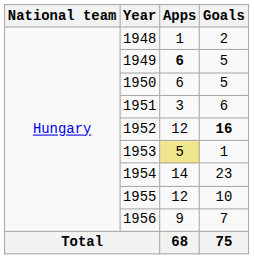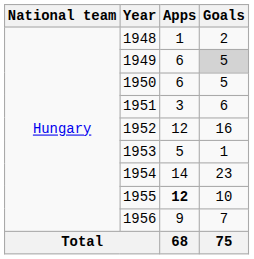 <table class="wikitable" style="text-align:center">
 <tr>
 <th>National team</th>
 <th>Year</th>
 <th>Apps</th>
 <th>Goals</th>
 </tr>
 <tr>
 <td rowspan="9"><a href='#'>Hungary</a></td>
 <td>1948</td>
 <td>1</td>
 <td>2</td>
 </tr>
 <tr>
 <td>1949</td>
-<td><strong>6</strong></td>
-<td>5</td>
+<td>6</td>
+<td style="background: lightgrey;">5</td>
 </tr>
 <tr>
 <td>1950</td>
 <td>6</td>
 <td>5</td>
 </tr>
 <tr>
 <td>1951</td>
 <td>3</td>
 <td>6</td>
 </tr>
 <tr>
 <td>1952</td>
 <td>12</td>
-<td><strong>16</strong></td>
+<td>16</td>
 </tr>
 <tr>
 <td>1953</td>
-<td style="background: khaki;">5</td>
+<td>5</td>
 <td>1</td>
 </tr>
 <tr>
 <td>1954</td>
 <td>14</td>
 <td>23</td>
 </tr>
 <tr>
 <td>1955</td>
-<td>12</td>
+<td><strong>12</strong></td>
 <td>10</td>
 </tr>
 <tr>
 <td>1956</td>
 <td>9</td>
 <td>7</td>
 </tr>
 <tr>
 <th colspan="2">Total</th>
 <th>68</th>
 <th>75</th>
 </tr>
 </table>
